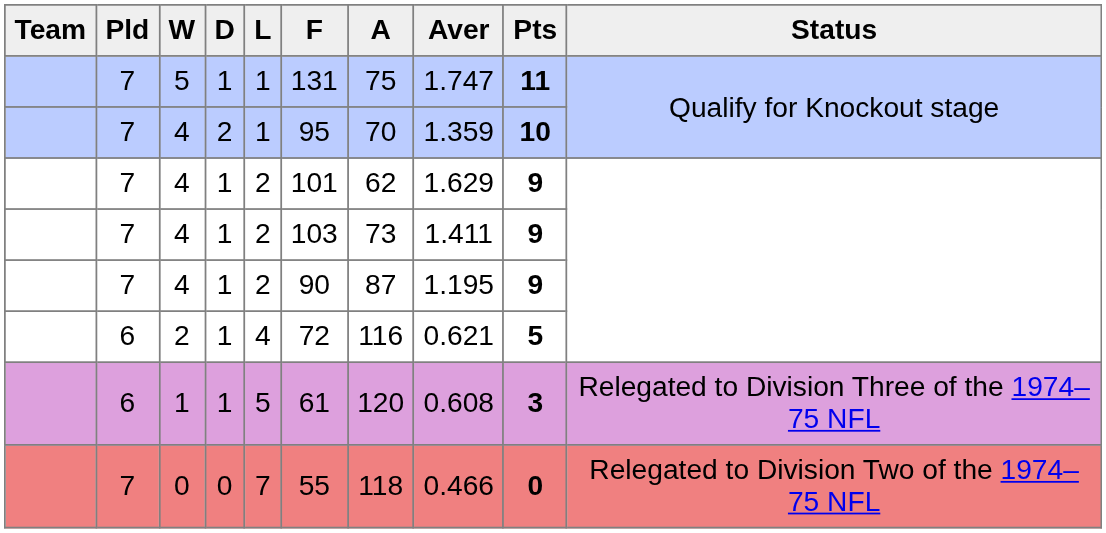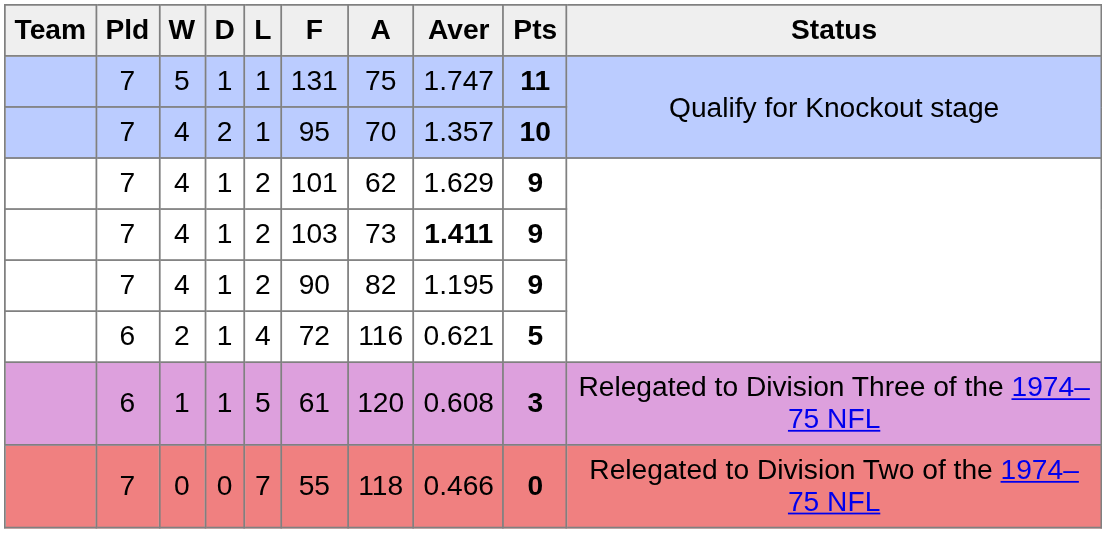 <table style=border-collapse:collapse border=1 cellspacing=0 cellpadding=5>
 <tr align=center bgcolor=#efefef>
 <th>Team</th>
 <th>Pld</th>
 <th>W</th>
 <th>D</th>
 <th>L</th>
 <th>F</th>
 <th>A</th>
 <th>Aver</th>
 <th>Pts</th>
 <th>Status</th>
 </tr>
 <tr align=center style="background:#bbccff;">
 <td style="text-align:left;"> </td>
 <td>7</td>
 <td>5</td>
 <td>1</td>
 <td>1</td>
 <td>131</td>
 <td>75</td>
 <td>1.747</td>
 <td><strong>11</strong></td>
 <td rowspan=2>Qualify for Knockout stage</td>
 </tr>
 <tr align=center style="background:#bbccff;">
 <td style="text-align:left;"> </td>
 <td>7</td>
 <td>4</td>
 <td>2</td>
 <td>1</td>
 <td>95</td>
 <td>70</td>
-<td>1.359</td>
+<td>1.357</td>
 <td><strong>10</strong></td>
 </tr>
 <tr align=center style="background:#FFFFFF;">
 <td style="text-align:left;"> </td>
 <td>7</td>
 <td>4</td>
 <td>1</td>
 <td>2</td>
 <td>101</td>
 <td>62</td>
 <td>1.629</td>
 <td><strong>9</strong></td>
 <td rowspan=4></td>
 </tr>
 <tr align=center style="background:#FFFFFF;">
 <td style="text-align:left;"> </td>
 <td>7</td>
 <td>4</td>
 <td>1</td>
 <td>2</td>
 <td>103</td>
 <td>73</td>
-<td>1.411</td>
+<td><strong>1.411</strong></td>
 <td><strong>9</strong></td>
 </tr>
 <tr align=center style="background:#FFFFFF;">
 <td style="text-align:left;"> </td>
 <td>7</td>
 <td>4</td>
 <td>1</td>
 <td>2</td>
 <td>90</td>
-<td>87</td>
+<td>82</td>
 <td>1.195</td>
 <td><strong>9</strong></td>
 </tr>
 <tr align=center style="background:#FFFFFF;">
 <td style="text-align:left;"> </td>
 <td>6</td>
 <td>2</td>
 <td>1</td>
 <td>4</td>
 <td>72</td>
 <td>116</td>
 <td>0.621</td>
 <td><strong>5</strong></td>
 </tr>
 <tr align=center style="background:#dda0dd;">
 <td style="text-align:left;"> </td>
 <td>6</td>
 <td>1</td>
 <td>1</td>
 <td>5</td>
 <td>61</td>
 <td>120</td>
 <td>0.608</td>
 <td><strong>3</strong></td>
 <td rowspan=1>Relegated to Division Three of the <a href='#'>1974–75 NFL</a></td>
 </tr>
 <tr align=center style="background:#F08080">
 <td style="text-align:left;"> </td>
 <td>7</td>
 <td>0</td>
 <td>0</td>
 <td>7</td>
 <td>55</td>
 <td>118</td>
 <td>0.466</td>
 <td><strong>0</strong></td>
 <td rowspan=1>Relegated to Division Two of the <a href='#'>1974–75 NFL</a></td>
 </tr>
 </table>
